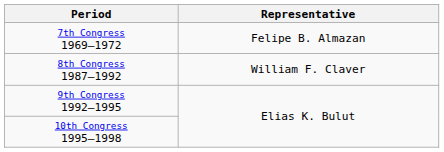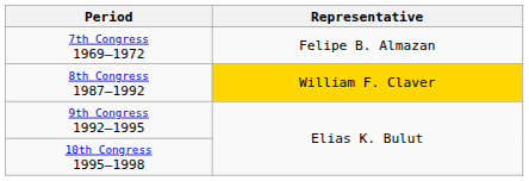 <table class="wikitable" style="text-align:center; width:40%;">
 <tr>
 <th width=40%>Period</th>
 <th>Representative</th>
 </tr>
 <tr>
 <td><small><a href='#'>7th Congress</a></small><br>1969–1972</td>
 <td>Felipe B. Almazan</td>
 </tr>
 <tr>
 <td><small><a href='#'>8th Congress</a></small><br>1987–1992</td>
-<td>William F. Claver</td>
+<td style="background: gold;">William F. Claver</td>
 </tr>
 <tr>
 <td><small><a href='#'>9th Congress</a></small><br>1992–1995</td>
 <td rowspan=2>Elias K. Bulut</td>
 </tr>
 <tr>
 <td><small><a href='#'>10th Congress</a></small><br>1995–1998</td>
 </tr>
 </table>
